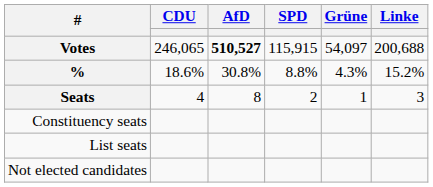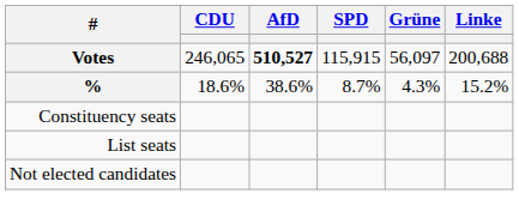 <table class="wikitable" style="text-align:right;vertical-align:top">
 <tr>
 <th rowspan="2">#</th>
 <th class="wikitable sortable"><a href='#'>CDU</a></th>
 <th class="wikitable sortable"><a href='#'>AfD</a></th>
 <th class="wikitable sortable"><a href='#'>SPD</a></th>
 <th class="wikitable sortable"><a href='#'>Grüne</a></th>
 <th class="wikitable sortable"><a href='#'>Linke</a></th>
 </tr>
 <tr>
 <th class="wikitable sortable" style="background:"></th>
 <th class="wikitable sortable" style="background:"></th>
 <th class="wikitable sortable" style="background:"></th>
 <th class="wikitable sortable" style="background:"></th>
 <th class="wikitable sortable" style="background:"></th>
 </tr>
 <tr>
 <th>Votes</th>
 <td>246,065</td>
 <td><strong>510,527</strong></td>
 <td>115,915</td>
-<td>54,097</td>
+<td>56,097</td>
 <td>200,688</td>
 </tr>
 <tr>
 <th>%</th>
 <td>18.6%</td>
-<td>30.8%</td>
-<td>8.8%</td>
+<td>38.6%</td>
+<td>8.7%</td>
 <td>4.3%</td>
 <td>15.2%</td>
-</tr>
-<tr>
-<th>Seats</th>
-<td>4</td>
-<td>8</td>
-<td>2</td>
-<td>1</td>
-<td>3</td>
 </tr>
 <tr style="vertical-align:top">
 <td>Constituency seats</td>
 <td></td>
 <td></td>
 <td></td>
 <td></td>
 <td></td>
 </tr>
 <tr style="vertical-align:top">
 <td>List seats</td>
 <td></td>
 <td></td>
 <td></td>
 <td></td>
 <td></td>
 </tr>
 <tr style="vertical-align:top">
 <td>Not elected candidates</td>
 <td><div><br> </div></td>
 <td><div><br>  </div></td>
 <td><div><br> </div></td>
 <td><div><br> </div></td>
 <td><div><br> </div></td>
 </tr>
 </table>
